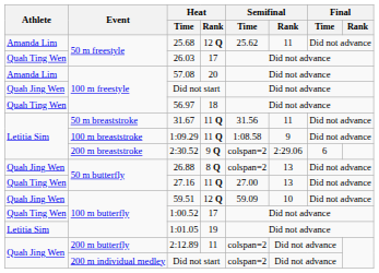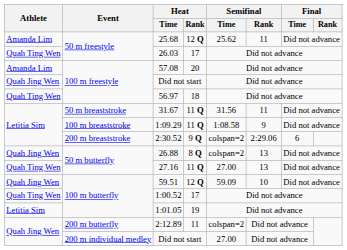 <table class=wikitable style=font-size:90%>
 <tr>
 <th rowspan=2>Athlete</th>
 <th rowspan=2>Event</th>
 <th colspan=2>Heat</th>
 <th colspan=2>Semifinal</th>
 <th colspan=2>Final</th>
 </tr>
 <tr style=font-size:95%>
 <th>Time</th>
 <th>Rank</th>
 <th>Time</th>
 <th>Rank</th>
 <th>Time</th>
 <th>Rank</th>
 </tr>
 <tr align=center>
 <td align=left><a href='#'>Amanda Lim</a></td>
 <td align=left rowspan="2"><a href='#'>50 m freestyle</a></td>
 <td>25.68</td>
 <td>12 <strong>Q</strong></td>
 <td>25.62</td>
 <td>11</td>
 <td colspan=2>Did not advance</td>
 </tr>
 <tr align=center>
 <td align=left><a href='#'>Quah Ting Wen</a></td>
 <td>26.03</td>
 <td>17</td>
 <td colspan=4>Did not advance</td>
 </tr>
 <tr align=center>
 <td align=left><a href='#'>Amanda Lim</a></td>
 <td align=left rowspan="3"><a href='#'>100 m freestyle</a></td>
 <td>57.08</td>
 <td>20</td>
 <td colspan=4>Did not advance</td>
 </tr>
 <tr align=center>
 <td align=left><a href='#'>Quah Jing Wen</a></td>
 <td colspan=2>Did not start</td>
 <td colspan=4>Did not advance</td>
 </tr>
 <tr align=center>
 <td align=left><a href='#'>Quah Ting Wen</a></td>
 <td>56.97</td>
 <td>18</td>
 <td colspan=4>Did not advance</td>
 </tr>
 <tr align=center>
 <td align=left rowspan=3><a href='#'>Letitia Sim</a></td>
 <td align=left rowspan="1"><a href='#'>50 m breaststroke</a></td>
 <td>31.67</td>
 <td>11 <strong>Q</strong></td>
 <td>31.56</td>
 <td>11</td>
 <td colspan=2>Did not advance</td>
 </tr>
 <tr align=center>
 <td align=left rowspan="1"><a href='#'>100 m breaststroke</a></td>
 <td>1:09.29</td>
 <td>11 <strong>Q</strong></td>
 <td>1:08.58</td>
 <td>9</td>
 <td colspan=2>Did not advance</td>
 </tr>
 <tr align=center>
 <td align=left rowspan="1"><a href='#'>200 m breaststroke</a></td>
 <td>2:30.52</td>
 <td>9 <strong>Q</strong></td>
 <td>colspan=2 </td>
 <td>2:29.06</td>
 <td>6</td>
 </tr>
 <tr align=center>
 <td align=left><a href='#'>Quah Jing Wen</a></td>
 <td align=left rowspan="2"><a href='#'>50 m butterfly</a></td>
 <td>26.88</td>
 <td>8 <strong>Q</strong></td>
 <td>colspan=2 </td>
 <td>13</td>
 <td colspan=2>Did not advance</td>
 </tr>
 <tr align=center>
 <td align=left><a href='#'>Quah Ting Wen</a></td>
 <td>27.16</td>
 <td>11 <strong>Q</strong></td>
 <td>27.00</td>
 <td>13</td>
 <td colspan=2>Did not advance</td>
 </tr>
 <tr align=center>
 <td align=left><a href='#'>Quah Jing Wen</a></td>
 <td align=left rowspan="3"><a href='#'>100 m butterfly</a></td>
 <td>59.51</td>
 <td>12 <strong>Q</strong></td>
 <td>59.09</td>
 <td>10</td>
 <td colspan=2>Did not advance</td>
 </tr>
 <tr align=center>
 <td align=left><a href='#'>Quah Ting Wen</a></td>
 <td>1:00.52</td>
 <td>17</td>
 <td colspan=4>Did not advance</td>
 </tr>
 <tr align=center>
 <td align=left><a href='#'>Letitia Sim</a></td>
 <td>1:01.05</td>
 <td>19</td>
 <td colspan=4>Did not advance</td>
 </tr>
 <tr align=center>
 <td align=left rowspan=2><a href='#'>Quah Jing Wen</a></td>
 <td align=left rowspan="1"><a href='#'>200 m butterfly</a></td>
 <td>2:12.89</td>
 <td>11</td>
 <td>colspan=2 </td>
 <td colspan=2>Did not advance</td>
 </tr>
 <tr align=center>
 <td align=left rowspan="1"><a href='#'>200 m individual medley</a></td>
 <td colspan=2>Did not start</td>
-<td>colspan=2 </td>
+<td>27.00</td>
 <td colspan=2>Did not advance</td>
 </tr>
 </table>
